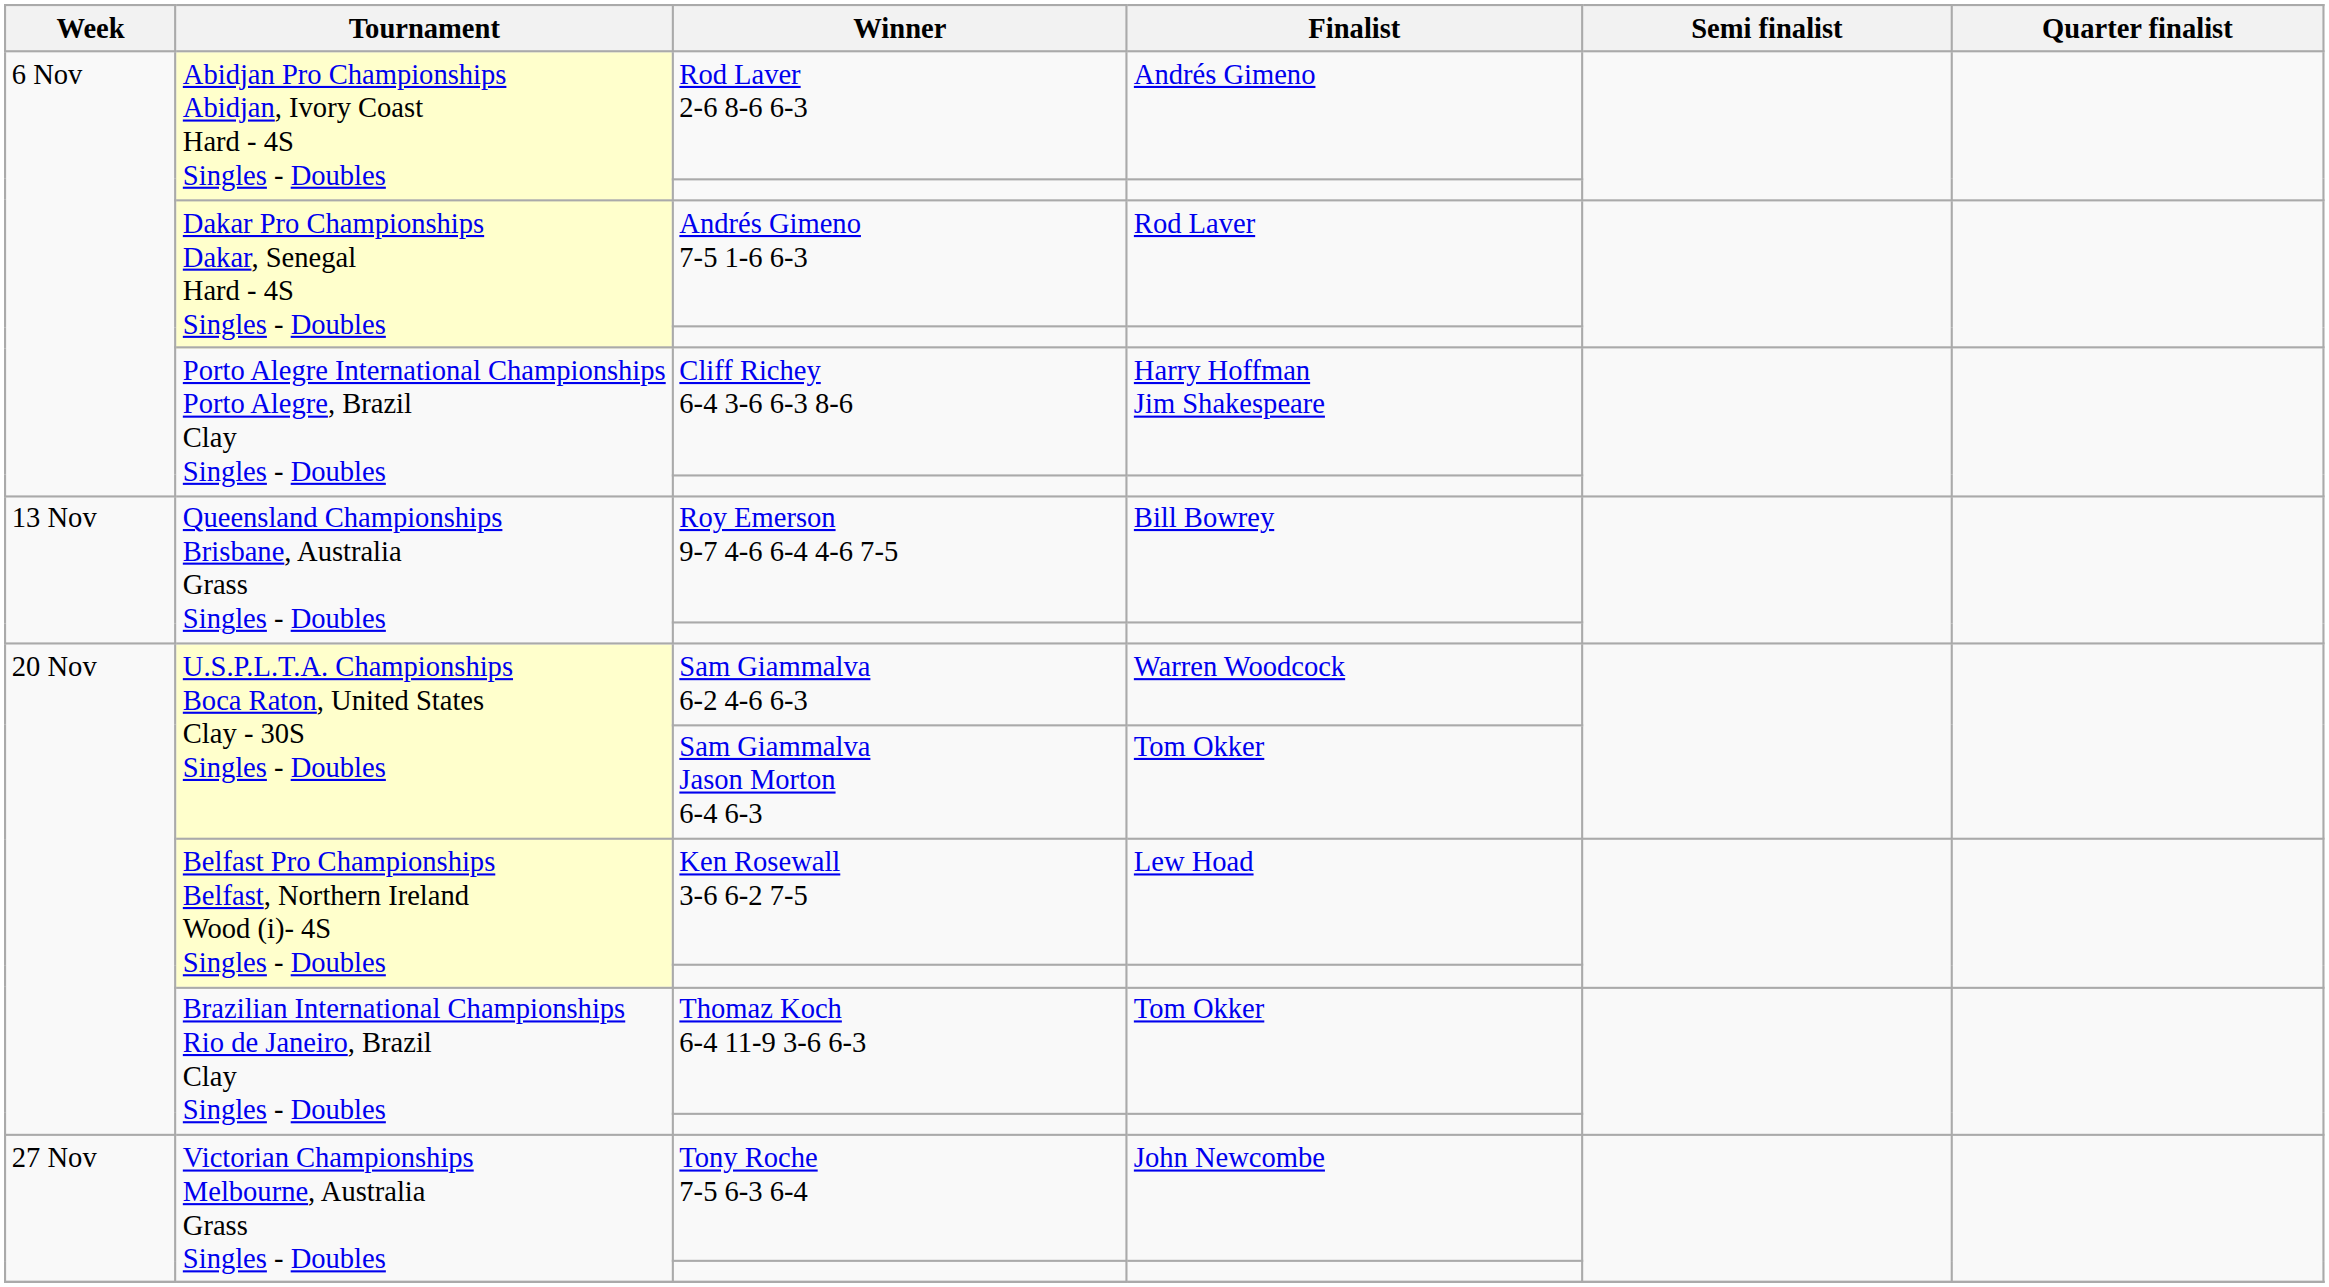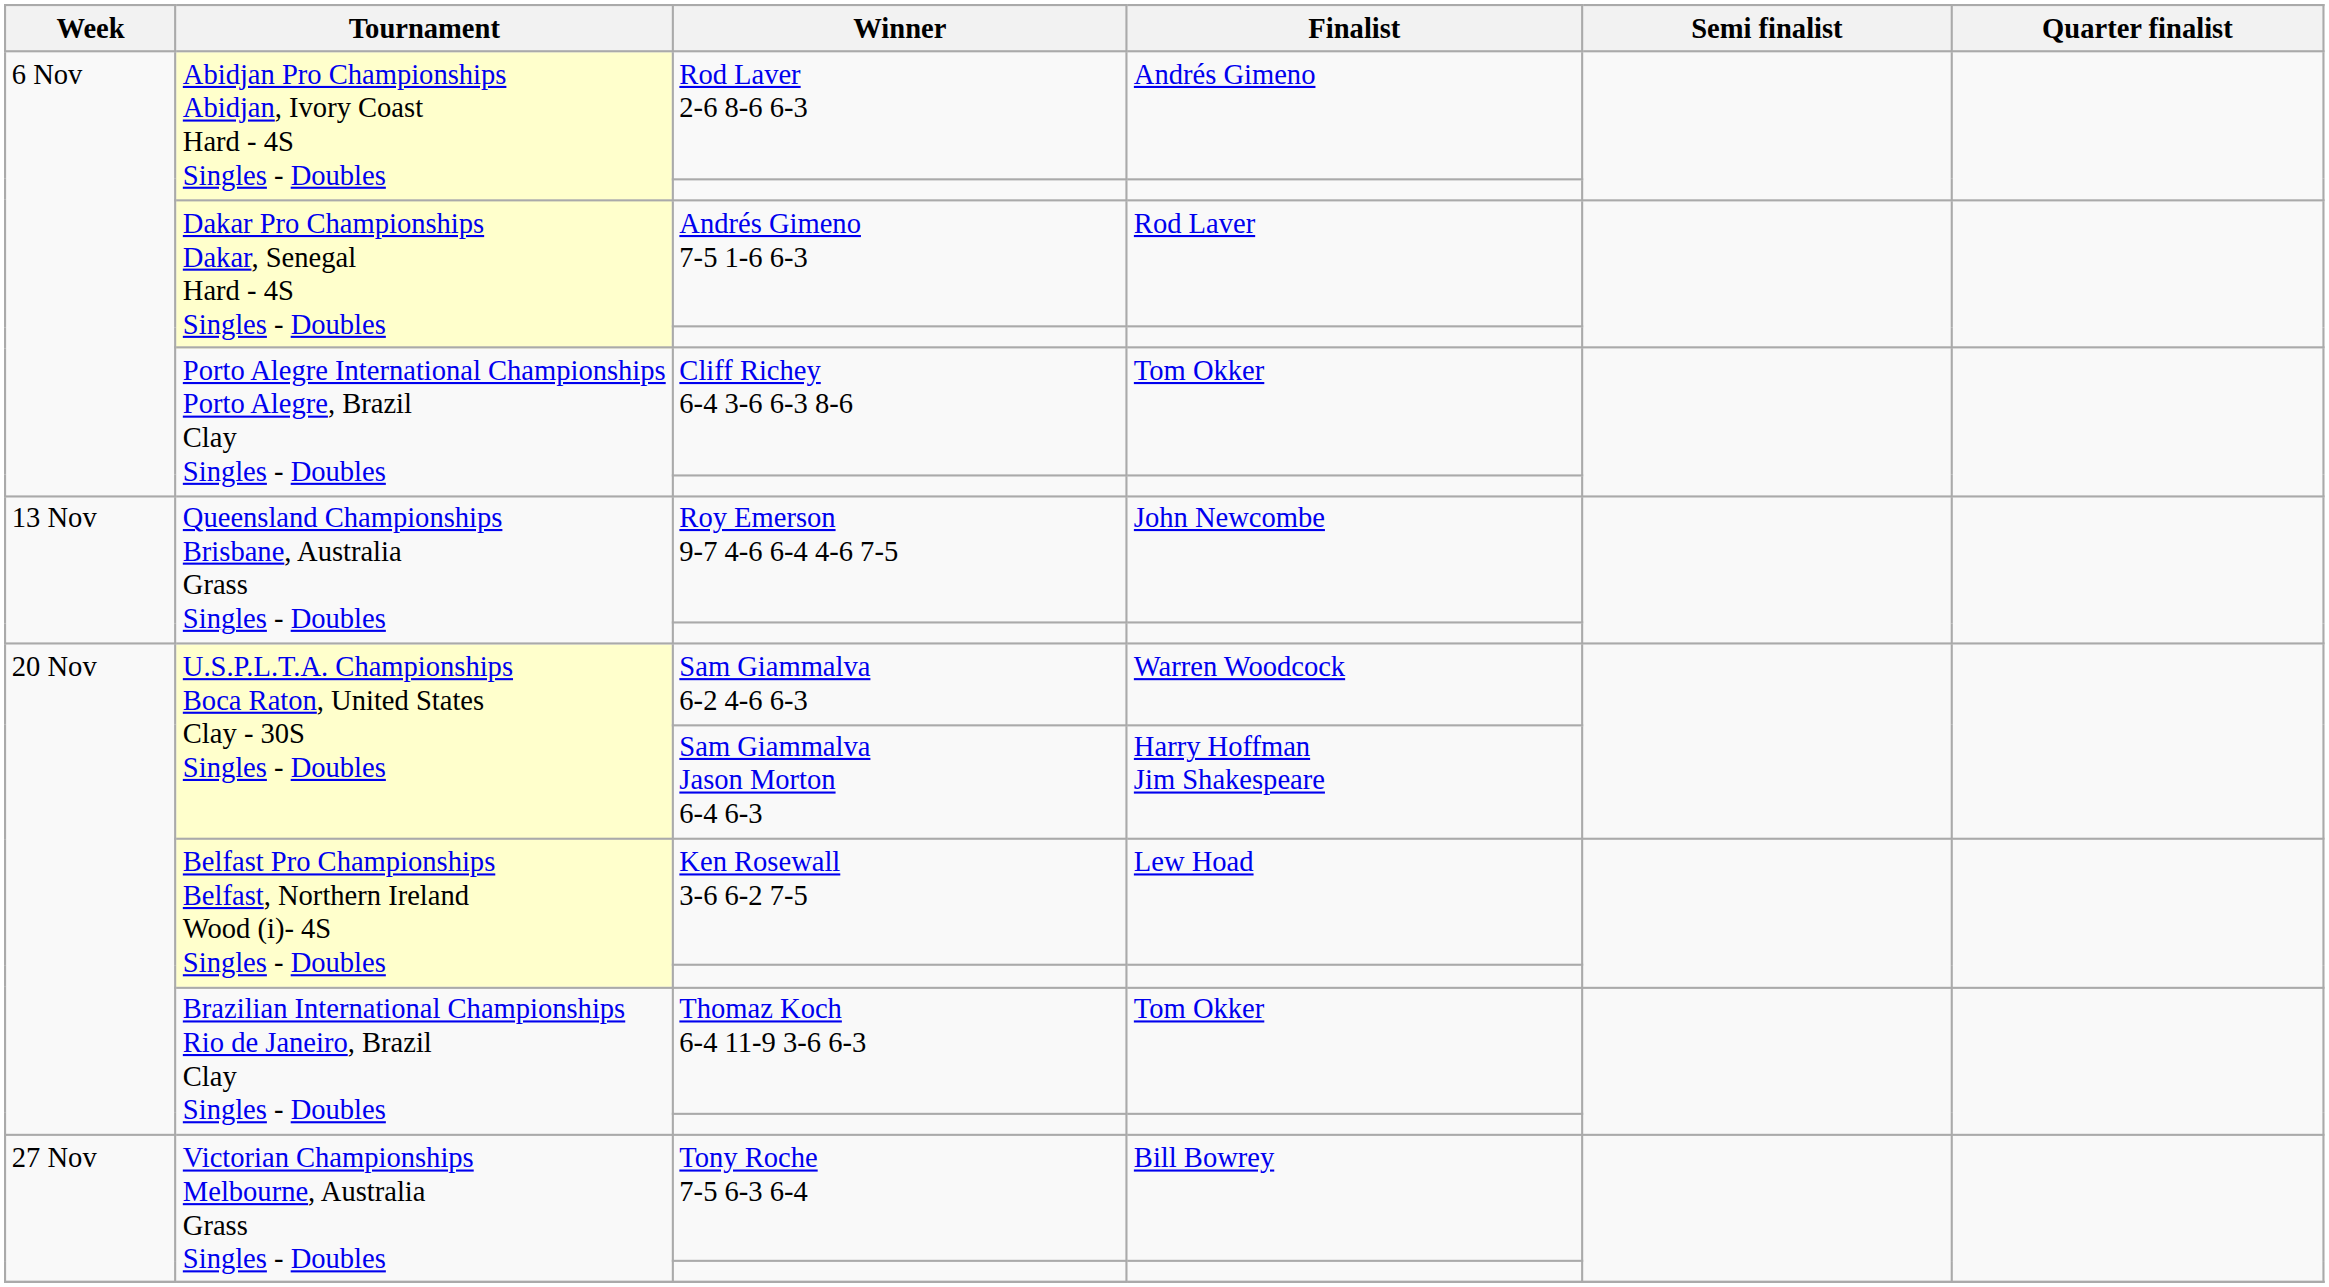 <table class="wikitable" style="font-size:85%;">
 <tr>
 <th width="75">Week</th>
 <th width="230">Tournament</th>
 <th width="210">Winner</th>
 <th width="210">Finalist</th>
 <th width="170">Semi finalist</th>
 <th width="170">Quarter finalist</th>
 </tr>
 <tr valign=top>
 <td rowspan=6>6 Nov</td>
 <td bgcolor="#ffc" rowspan=2><a href='#'>Abidjan Pro Championships</a><br> <a href='#'>Abidjan</a>, Ivory Coast<br>Hard - 4S<br><a href='#'>Singles</a> - <a href='#'>Doubles</a></td>
 <td> <a href='#'>Rod Laver</a><br>2-6 8-6 6-3</td>
 <td> <a href='#'>Andrés Gimeno</a></td>
 <td rowspan=2></td>
 <td rowspan=2></td>
 </tr>
 <tr valign=top>
 <td></td>
 <td></td>
 </tr>
 <tr valign=top>
 <td bgcolor="#ffc" rowspan=2><a href='#'>Dakar Pro Championships</a><br><a href='#'>Dakar</a>, Senegal<br>Hard - 4S<br><a href='#'>Singles</a> - <a href='#'>Doubles</a></td>
 <td> <a href='#'>Andrés Gimeno</a><br>7-5 1-6 6-3</td>
 <td> <a href='#'>Rod Laver</a></td>
 <td rowspan=2></td>
 <td rowspan=2></td>
 </tr>
 <tr valign=top>
 <td></td>
 <td></td>
 </tr>
 <tr valign=top>
 <td rowspan=2><a href='#'>Porto Alegre International Championships</a> <br><a href='#'>Porto Alegre</a>, Brazil<br> Clay <br><a href='#'>Singles</a> - <a href='#'>Doubles</a></td>
 <td> <a href='#'>Cliff Richey</a><br>6-4 3-6 6-3 8-6</td>
-<td> <a href='#'>Harry Hoffman</a><br> <a href='#'>Jim Shakespeare</a></td>
+<td> <a href='#'>Tom Okker</a></td>
 <td rowspan=2></td>
 <td rowspan=2></td>
 </tr>
 <tr valign=top>
 <td></td>
 <td></td>
 </tr>
 <tr valign=top>
 <td rowspan=2>13 Nov</td>
 <td rowspan=2><a href='#'>Queensland Championships</a><br><a href='#'>Brisbane</a>, Australia<br>Grass<br><a href='#'>Singles</a> - <a href='#'>Doubles</a></td>
 <td> <a href='#'>Roy Emerson</a><br>9-7 4-6 6-4 4-6 7-5</td>
-<td> <a href='#'>Bill Bowrey</a></td>
+<td> <a href='#'>John Newcombe</a></td>
 <td rowspan=2></td>
 <td rowspan=2></td>
 </tr>
 <tr valign=top>
 <td></td>
 <td></td>
 </tr>
 <tr valign=top>
 <td rowspan=6>20 Nov</td>
 <td bgcolor="#ffc" rowspan=2><a href='#'>U.S.P.L.T.A. Championships</a><br><a href='#'>Boca Raton</a>, United States<br>Clay - 30S<br><a href='#'>Singles</a> - <a href='#'>Doubles</a></td>
 <td> <a href='#'>Sam Giammalva</a><br>6-2 4-6 6-3</td>
 <td> <a href='#'>Warren Woodcock</a></td>
 <td rowspan=2></td>
 <td rowspan=2></td>
 </tr>
 <tr valign=top>
 <td> <a href='#'>Sam Giammalva</a><br> <a href='#'>Jason Morton</a><br>6-4 6-3</td>
-<td> <a href='#'>Tom Okker</a></td>
+<td> <a href='#'>Harry Hoffman</a><br> <a href='#'>Jim Shakespeare</a></td>
 </tr>
 <tr valign=top>
 <td bgcolor="#ffc" rowspan=2><a href='#'>Belfast Pro Championships</a><br><a href='#'>Belfast</a>, Northern Ireland<br>Wood (i)- 4S<br><a href='#'>Singles</a> - <a href='#'>Doubles</a></td>
 <td> <a href='#'>Ken Rosewall</a><br>3-6 6-2 7-5</td>
 <td> <a href='#'>Lew Hoad</a></td>
 <td rowspan=2></td>
 <td rowspan=2></td>
 </tr>
 <tr valign=top>
 <td></td>
 <td></td>
 </tr>
 <tr valign=top>
 <td rowspan=2><a href='#'>Brazilian International Championships</a><br><a href='#'>Rio de Janeiro</a>, Brazil<br>Clay<br> <a href='#'>Singles</a> - <a href='#'>Doubles</a></td>
 <td> <a href='#'>Thomaz Koch</a><br>6-4 11-9 3-6 6-3</td>
 <td> <a href='#'>Tom Okker</a></td>
 <td rowspan=2></td>
 <td rowspan=2></td>
 </tr>
 <tr valign=top>
 <td></td>
 <td></td>
 </tr>
 <tr valign=top>
 <td rowspan=2>27 Nov</td>
 <td rowspan=2><a href='#'>Victorian Championships</a><br><a href='#'>Melbourne</a>,  Australia <br>Grass<br> <a href='#'>Singles</a> - <a href='#'>Doubles</a></td>
 <td> <a href='#'>Tony Roche</a><br>7-5 6-3 6-4</td>
-<td> <a href='#'>John Newcombe</a></td>
+<td> <a href='#'>Bill Bowrey</a></td>
 <td rowspan=2></td>
 <td rowspan=2></td>
 </tr>
 <tr valign=top>
 <td></td>
 <td></td>
 </tr>
 <tr valign=top>
 </tr>
 </table>
